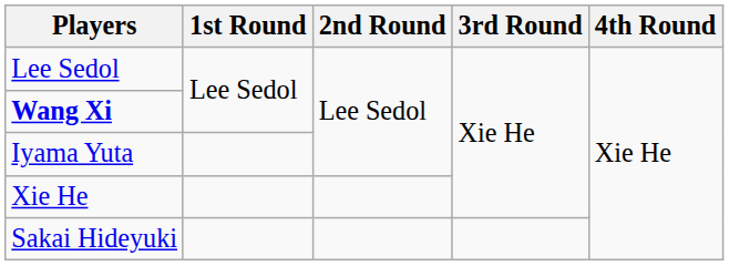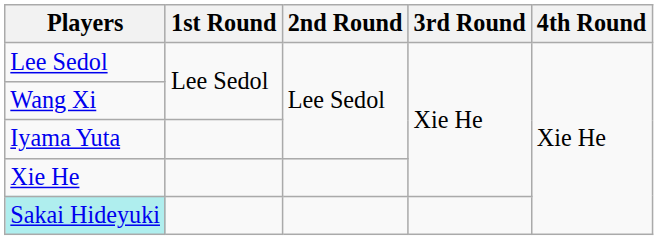 <table class="wikitable">
 <tr>
 <th>Players</th>
 <th>1st Round</th>
 <th>2nd Round</th>
 <th>3rd Round</th>
 <th>4th Round</th>
 </tr>
 <tr>
 <td> <a href='#'>Lee Sedol</a></td>
 <td rowspan="2" valign="center">Lee Sedol</td>
 <td rowspan="3" valign="center">Lee Sedol</td>
 <td rowspan="4" valign="center">Xie He</td>
 <td rowspan="5" valign="center">Xie He</td>
 </tr>
 <tr>
-<td><strong> <a href='#'>Wang Xi</a></strong></td>
+<td> <a href='#'>Wang Xi</a></td>
 </tr>
 <tr>
 <td> <a href='#'>Iyama Yuta</a></td>
 </tr>
 <tr>
 <td> <a href='#'>Xie He</a></td>
 <td></td>
 <td></td>
 </tr>
 <tr>
-<td> <a href='#'>Sakai Hideyuki</a></td>
+<td style="background: paleturquoise;"> <a href='#'>Sakai Hideyuki</a></td>
 <td></td>
 <td></td>
 <td></td>
 </tr>
 </table>
